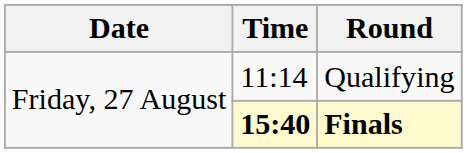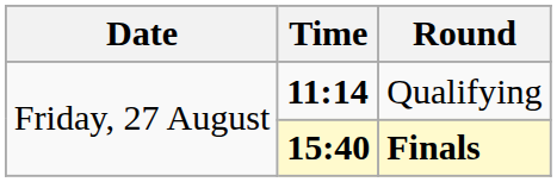 <table class="wikitable">
 <tr>
 <th>Date</th>
 <th>Time</th>
 <th>Round</th>
 </tr>
 <tr>
 <td rowspan=2>Friday, 27 August</td>
-<td>11:14</td>
+<td><strong>11:14</strong></td>
 <td>Qualifying</td>
 </tr>
 <tr style="background:lemonchiffon">
 <td><strong>15:40</strong></td>
 <td><strong>Finals</strong></td>
 </tr>
 </table>
